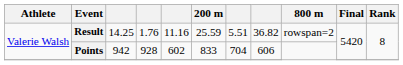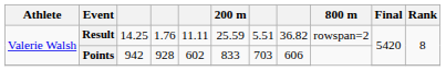 <table class=wikitable style=font-size:90%;text-align:center>
 <tr>
 <th>Athlete</th>
 <th>Event</th>
 <th></th>
 <th></th>
 <th></th>
 <th>200 m</th>
 <th></th>
 <th></th>
 <th>800 m</th>
 <th>Final</th>
 <th>Rank</th>
 </tr>
 <tr>
 <td align=left rowspan=2><a href='#'>Valerie Walsh</a></td>
 <th style=font-size:95%>Result</th>
 <td>14.25</td>
 <td>1.76</td>
-<td>11.16</td>
+<td>11.11</td>
 <td>25.59</td>
 <td>5.51</td>
 <td>36.82</td>
 <td>rowspan=2 </td>
 <td rowspan=2>5420</td>
 <td rowspan=2>8</td>
 </tr>
 <tr>
 <th style=font-size:95%>Points</th>
 <td>942</td>
 <td>928</td>
 <td>602</td>
 <td>833</td>
-<td>704</td>
+<td>703</td>
 <td>606</td>
 </tr>
 <tr>
 </tr>
 </table>
